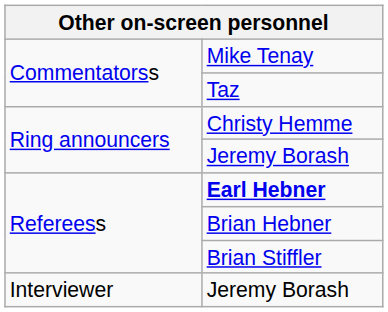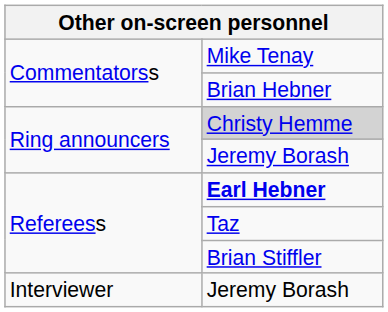 <table align="right" class="wikitable" style="border:1px; font-size:90%; margin-left:1em;">
 <tr>
 <th colspan="2" width="250"><strong>Other on-screen personnel</strong></th>
 </tr>
 <tr>
 <td rowspan=2><a href='#'>Commentators</a>s</td>
 <td><a href='#'>Mike Tenay</a></td>
 </tr>
 <tr>
-<td><a href='#'>Taz</a></td>
+<td><a href='#'>Brian Hebner</a></td>
 </tr>
 <tr>
 <td rowspan=2><a href='#'>Ring announcers</a></td>
-<td><a href='#'>Christy Hemme</a></td>
+<td style="background: lightgrey;"><a href='#'>Christy Hemme</a></td>
 </tr>
 <tr>
 <td><a href='#'>Jeremy Borash</a></td>
 </tr>
 <tr>
 <td rowspan=3><a href='#'>Referees</a>s</td>
 <td><strong><a href='#'>Earl Hebner</a></strong></td>
 </tr>
 <tr>
-<td><a href='#'>Brian Hebner</a></td>
+<td><a href='#'>Taz</a></td>
 </tr>
 <tr>
 <td><a href='#'>Brian Stiffler</a></td>
 </tr>
 <tr>
 <td rowspan=1>Interviewer</td>
 <td>Jeremy Borash</td>
 </tr>
 <tr>
 </tr>
 </table>
